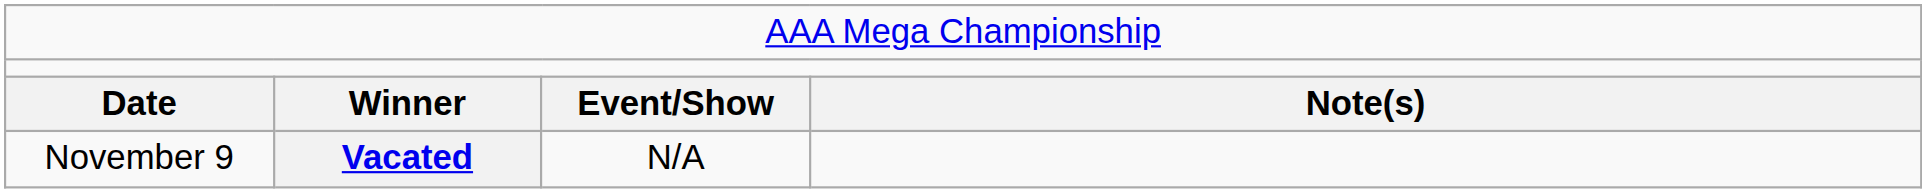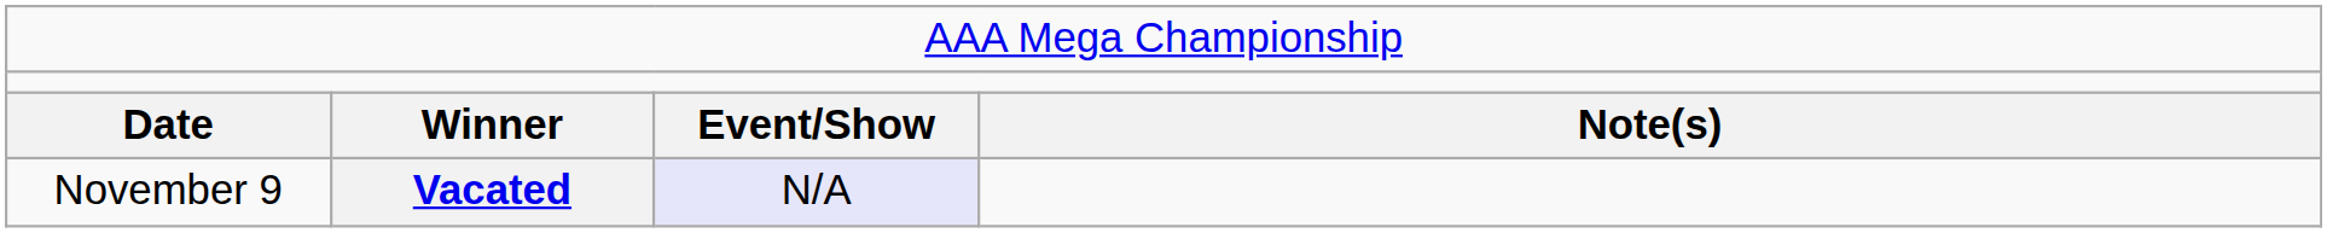 <table class="wikitable" style="text-align:center; width:100%;">
 <tr>
 <td colspan="5"><a href='#'>AAA Mega Championship</a></td>
 </tr>
 <tr>
 <td colspan="5"><strong></strong></td>
 </tr>
 <tr>
 <th width="14%">Date</th>
 <th width="14%">Winner</th>
 <th width="14%">Event/Show</th>
 <th width="58%">Note(s)</th>
 </tr>
 <tr>
 <td>November 9</td>
 <th><a href='#'>Vacated</a></th>
-<td>N/A</td>
+<td style="background: lavender;">N/A</td>
 <td align="left"></td>
 </tr>
 </table>
